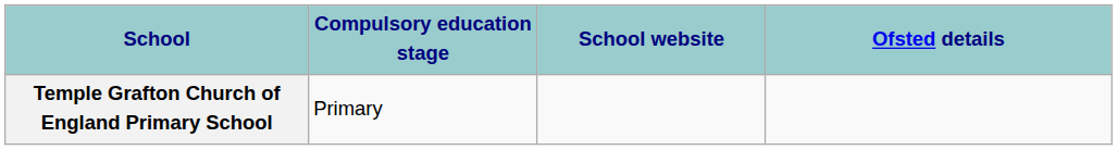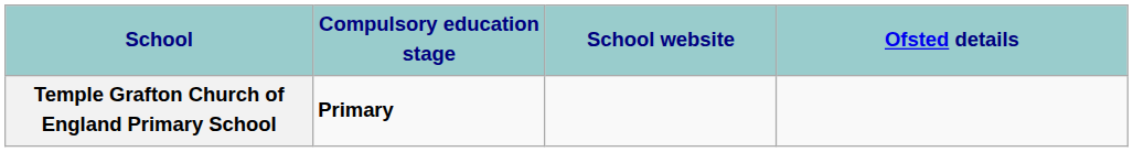 <table class="wikitable sortable" style="font-size:90%;width:90%;border:0px;text-align:left;line-height:150%;">
 <tr>
 <th style="background: #99CCCC; color: #000080" height="17" width="175">School</th>
 <th style="background: #99CCCC; color: #000080" height="17" width="130">Compulsory education stage</th>
 <th style="background: #99CCCC; color: #000080" height="17" width="130">School website</th>
 <th style="background: #99CCCC; color: #000080" height="17" width="200"><a href='#'>Ofsted</a> details</th>
 </tr>
 <tr>
 <th>Temple Grafton Church of England Primary School</th>
-<td>Primary</td>
+<td><strong>Primary</strong></td>
 <td></td>
 <td></td>
 </tr>
 <tr>
 </tr>
 </table>
